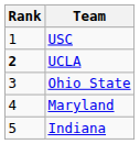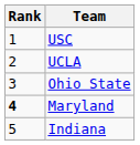 <table class="wikitable">
 <tr>
 <th>Rank</th>
 <th>Team</th>
 </tr>
 <tr>
 <td>1</td>
 <td><a href='#'>USC</a></td>
 </tr>
 <tr>
-<td><strong>2</strong></td>
+<td>2</td>
 <td><a href='#'>UCLA</a></td>
 </tr>
 <tr>
 <td>3</td>
 <td><a href='#'>Ohio State</a></td>
 </tr>
 <tr>
-<td>4</td>
+<td><strong>4</strong></td>
 <td><a href='#'>Maryland</a></td>
 </tr>
 <tr>
 <td>5</td>
 <td><a href='#'>Indiana</a></td>
 </tr>
 </table>
